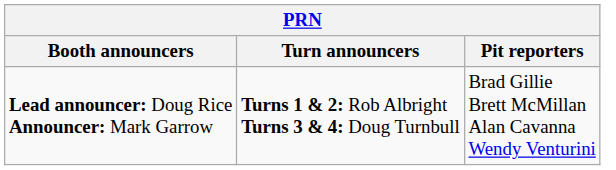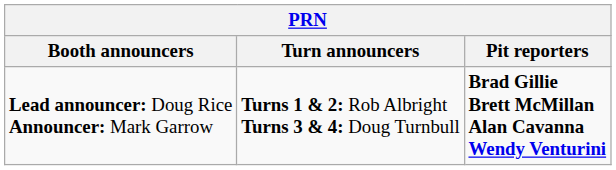 <table class="wikitable" style="font-size: 95%">
 <tr>
 <th colspan="3"><a href='#'>PRN</a></th>
 </tr>
 <tr>
 <th>Booth announcers</th>
 <th>Turn announcers</th>
 <th>Pit reporters</th>
 </tr>
 <tr>
 <td><strong>Lead announcer:</strong> Doug Rice<br><strong>Announcer:</strong> Mark Garrow</td>
 <td><strong>Turns 1 & 2:</strong> Rob Albright<br><strong>Turns 3 & 4:</strong> Doug Turnbull</td>
-<td>Brad Gillie<br>Brett McMillan<br>Alan Cavanna<br><a href='#'>Wendy Venturini</a></td>
+<td><strong>Brad Gillie<br>Brett McMillan<br>Alan Cavanna<br><a href='#'>Wendy Venturini</a></strong></td>
 </tr>
 </table>
